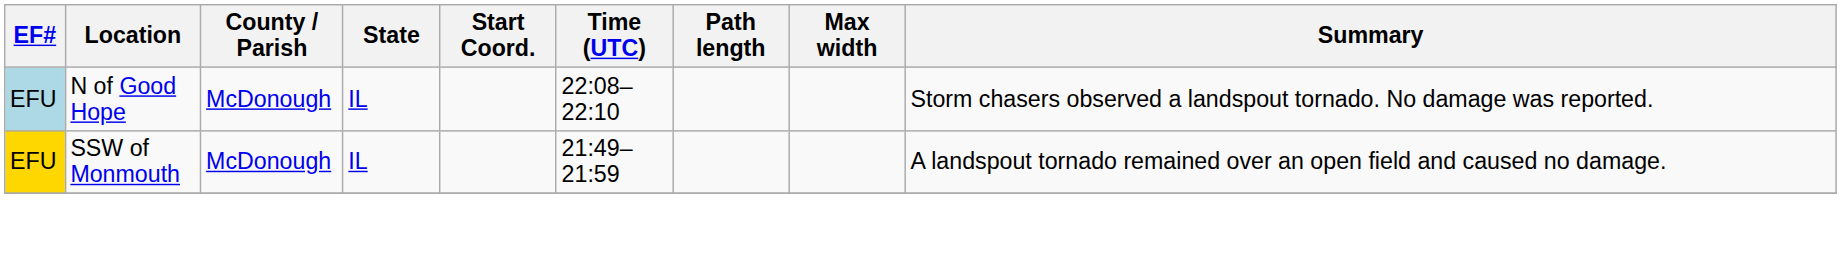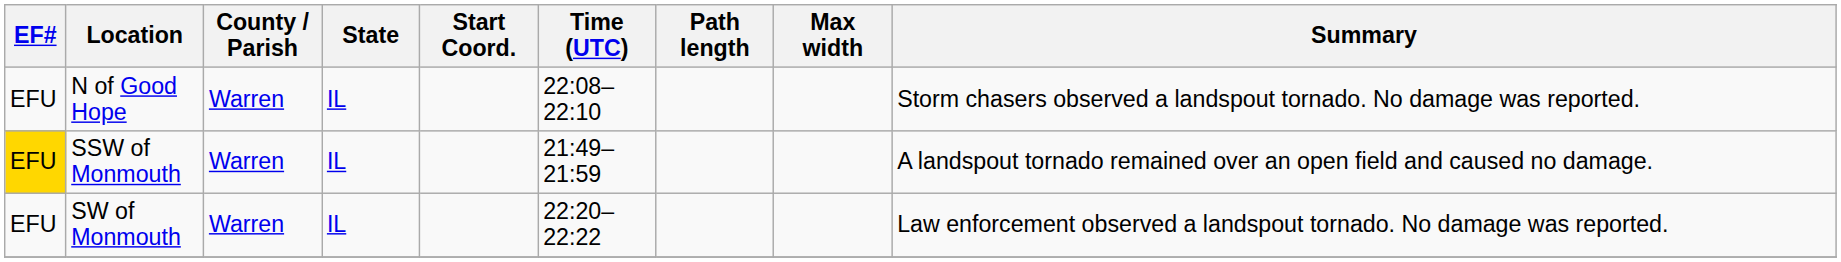 <table class="wikitable sortable" style="width:100%;">
 <tr>
 <th scope="col"  style="width:3%; text-align:center;"><a href='#'>EF#</a></th>
 <th scope="col"  style="width:7%; text-align:center;" class="unsortable">Location</th>
 <th scope="col"  style="width:6%; text-align:center;" class="unsortable">County / Parish</th>
 <th scope="col"  style="width:5%; text-align:center;">State</th>
 <th scope="col"  style="width:6%; text-align:center;">Start Coord.</th>
 <th scope="col"  style="width:6%; text-align:center;">Time (<a href='#'>UTC</a>)</th>
 <th scope="col"  style="width:6%; text-align:center;">Path length</th>
 <th scope="col"  style="width:6%; text-align:center;">Max width</th>
 <th scope="col" class="unsortable" style="width:48%; text-align:center;">Summary</th>
 </tr>
 <tr>
-<td style="background: lightblue;">EFU</td>
+<td>EFU</td>
 <td>N of <a href='#'>Good Hope</a></td>
-<td><a href='#'>McDonough</a></td>
+<td><a href='#'>Warren</a></td>
 <td><a href='#'>IL</a></td>
 <td></td>
 <td>22:08–22:10</td>
 <td></td>
 <td></td>
 <td>Storm chasers observed a landspout tornado. No damage was reported.</td>
 </tr>
 <tr>
 <td style="background: gold;">EFU</td>
 <td>SSW of <a href='#'>Monmouth</a></td>
-<td><a href='#'>McDonough</a></td>
+<td><a href='#'>Warren</a></td>
 <td><a href='#'>IL</a></td>
 <td></td>
 <td>21:49–21:59</td>
 <td></td>
 <td></td>
 <td>A landspout tornado remained over an open field and caused no damage.</td>
 </tr>
 <tr>
+<td>EFU</td>
+<td>SW of <a href='#'>Monmouth</a></td>
+<td><a href='#'>Warren</a></td>
+<td><a href='#'>IL</a></td>
+<td></td>
+<td>22:20–22:22</td>
+<td></td>
+<td></td>
+<td>Law enforcement observed a landspout tornado. No damage was reported.</td>
+</tr>
+<tr>
 </tr>
 </table>
